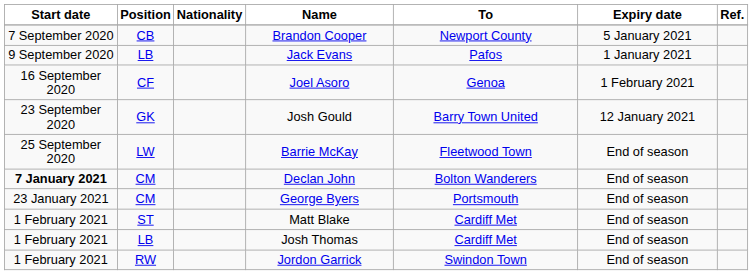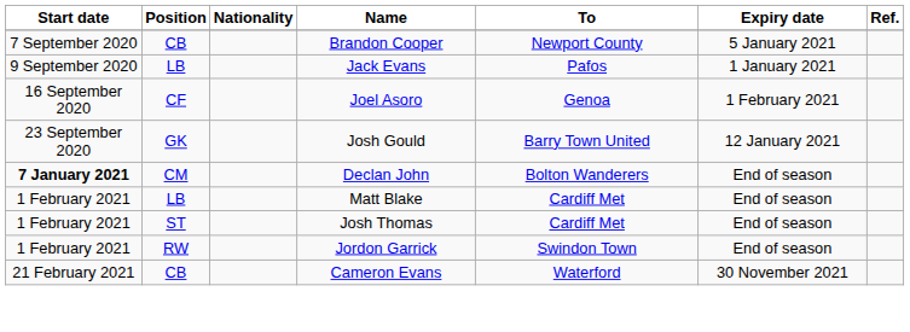 <table class="wikitable" style="text-align:center; font-size:90%; ">
 <tr>
 <th style="background:white; color:black; width:120px;">Start date</th>
 <th style="background:white; color:black; width:50px;">Position</th>
 <th style="background:white; color:black; width:50px;">Nationality</th>
 <th style="background:white; color:black; width:160px;">Name</th>
 <th style="background:white; color:black; width:200px;">To</th>
 <th style="background:white; color:black; width:150px;">Expiry date</th>
 <th style="background:white; color:black;">Ref.</th>
 </tr>
 <tr>
 </tr>
 <tr>
 <td>7 September 2020</td>
 <td><a href='#'>CB</a></td>
 <td></td>
 <td><a href='#'>Brandon Cooper</a></td>
 <td><a href='#'>Newport County</a></td>
 <td>5 January 2021</td>
 <td></td>
 </tr>
 <tr>
 <td>9 September 2020</td>
 <td><a href='#'>LB</a></td>
 <td></td>
 <td><a href='#'>Jack Evans</a></td>
 <td><a href='#'>Pafos</a></td>
 <td>1 January 2021</td>
 <td></td>
 </tr>
 <tr>
 <td>16 September 2020</td>
 <td><a href='#'>CF</a></td>
 <td></td>
 <td><a href='#'>Joel Asoro</a></td>
 <td><a href='#'>Genoa</a></td>
 <td>1 February 2021</td>
 <td></td>
 </tr>
 <tr>
 <td>23 September 2020</td>
 <td><a href='#'>GK</a></td>
 <td></td>
 <td>Josh Gould</td>
 <td><a href='#'>Barry Town United</a></td>
 <td>12 January 2021</td>
 <td></td>
 </tr>
 <tr>
-<td>25 September 2020</td>
-<td><a href='#'>LW</a></td>
-<td></td>
-<td><a href='#'>Barrie McKay</a></td>
-<td><a href='#'>Fleetwood Town</a></td>
-<td>End of season</td>
-<td></td>
-</tr>
-<tr>
 <td><strong>7 January 2021</strong></td>
 <td><a href='#'>CM</a></td>
 <td></td>
 <td><a href='#'>Declan John</a></td>
 <td><a href='#'>Bolton Wanderers</a></td>
 <td>End of season</td>
 <td></td>
 </tr>
 <tr>
-<td>23 January 2021</td>
-<td><a href='#'>CM</a></td>
-<td></td>
-<td><a href='#'>George Byers</a></td>
-<td><a href='#'>Portsmouth</a></td>
-<td>End of season</td>
-<td></td>
-</tr>
-<tr>
 <td>1 February 2021</td>
-<td><a href='#'>ST</a></td>
+<td><a href='#'>LB</a></td>
 <td></td>
 <td>Matt Blake</td>
 <td><a href='#'>Cardiff Met</a></td>
 <td>End of season</td>
 <td></td>
 </tr>
 <tr>
 <td>1 February 2021</td>
-<td><a href='#'>LB</a></td>
+<td><a href='#'>ST</a></td>
 <td></td>
 <td>Josh Thomas</td>
 <td><a href='#'>Cardiff Met</a></td>
 <td>End of season</td>
 <td></td>
 </tr>
 <tr>
 <td>1 February 2021</td>
 <td><a href='#'>RW</a></td>
 <td></td>
 <td><a href='#'>Jordon Garrick</a></td>
 <td><a href='#'>Swindon Town</a></td>
 <td>End of season</td>
 <td></td>
 </tr>
+<tr>
+<td>21 February 2021</td>
+<td><a href='#'>CB</a></td>
+<td></td>
+<td><a href='#'>Cameron Evans</a></td>
+<td><a href='#'>Waterford</a></td>
+<td>30 November 2021</td>
+<td></td>
+</tr>
 </table>
